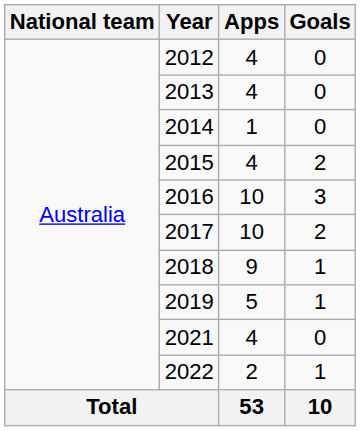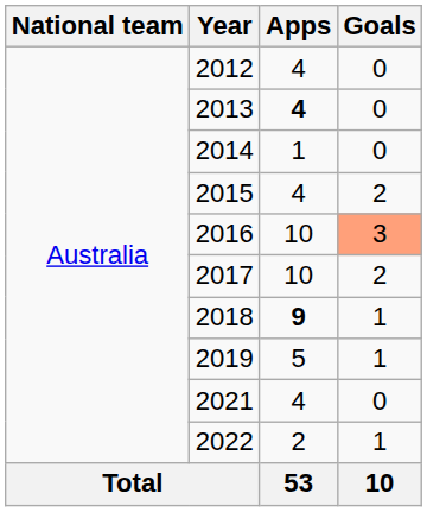 <table class="wikitable" style="text-align:center">
 <tr>
 <th>National team</th>
 <th>Year</th>
 <th>Apps</th>
 <th>Goals</th>
 </tr>
 <tr>
 <td rowspan="10"><a href='#'>Australia</a></td>
 <td>2012</td>
 <td>4</td>
 <td>0</td>
 </tr>
 <tr>
 <td>2013</td>
-<td>4</td>
+<td><strong>4</strong></td>
 <td>0</td>
 </tr>
 <tr>
 <td>2014</td>
 <td>1</td>
 <td>0</td>
 </tr>
 <tr>
 <td>2015</td>
 <td>4</td>
 <td>2</td>
 </tr>
 <tr>
 <td>2016</td>
 <td>10</td>
-<td>3</td>
+<td style="background: lightsalmon;">3</td>
 </tr>
 <tr>
 <td>2017</td>
 <td>10</td>
 <td>2</td>
 </tr>
 <tr>
 <td>2018</td>
-<td>9</td>
+<td><strong>9</strong></td>
 <td>1</td>
 </tr>
 <tr>
 <td>2019</td>
 <td>5</td>
 <td>1</td>
 </tr>
 <tr>
 <td>2021</td>
 <td>4</td>
 <td>0</td>
 </tr>
 <tr>
 <td>2022</td>
 <td>2</td>
 <td>1</td>
 </tr>
 <tr>
 <th colspan="2">Total</th>
 <th>53</th>
 <th>10</th>
 </tr>
 </table>
